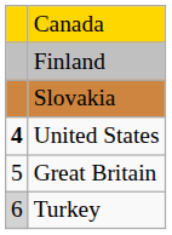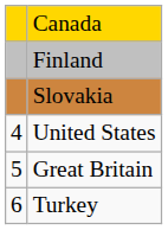 <table class="wikitable">
 <tr style="background:gold;">
 <td align=center></td>
 <td> Canada</td>
 </tr>
 <tr style="background:silver;">
 <td align=center></td>
 <td> Finland</td>
 </tr>
 <tr style="background:peru;">
 <td align=center></td>
 <td> Slovakia</td>
 </tr>
 <tr>
-<td align=center><strong>4</strong></td>
+<td align=center>4</td>
 <td> United States</td>
 </tr>
 <tr>
 <td align=center>5</td>
 <td> Great Britain</td>
 </tr>
 <tr>
-<td align=center style="background: lightgrey;">6</td>
+<td align=center>6</td>
 <td> Turkey</td>
 </tr>
 </table>
